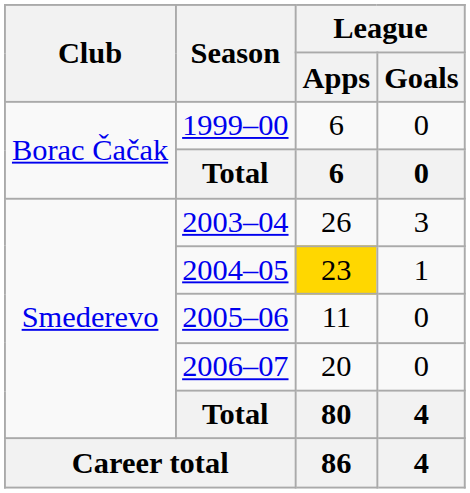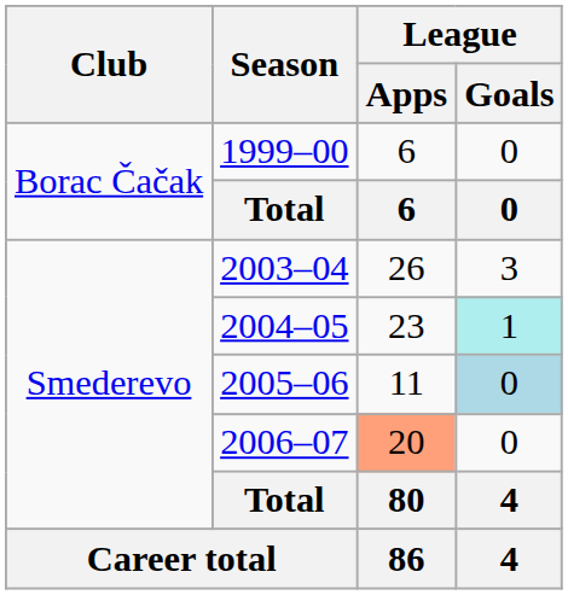 <table class="wikitable" style="text-align:center">
 <tr>
 <th rowspan="2">Club</th>
 <th rowspan="2">Season</th>
 <th colspan="2">League</th>
 </tr>
 <tr>
 <th>Apps</th>
 <th>Goals</th>
 </tr>
 <tr>
 <td rowspan="2"><a href='#'>Borac Čačak</a></td>
 <td><a href='#'>1999–00</a></td>
 <td>6</td>
 <td>0</td>
 </tr>
 <tr>
 <th>Total</th>
 <th>6</th>
 <th>0</th>
 </tr>
 <tr>
 <td rowspan="5"><a href='#'>Smederevo</a></td>
 <td><a href='#'>2003–04</a></td>
 <td>26</td>
 <td>3</td>
 </tr>
 <tr>
 <td><a href='#'>2004–05</a></td>
-<td style="background: gold;">23</td>
-<td>1</td>
+<td>23</td>
+<td style="background: paleturquoise;">1</td>
 </tr>
 <tr>
 <td><a href='#'>2005–06</a></td>
 <td>11</td>
-<td>0</td>
+<td style="background: lightblue;">0</td>
 </tr>
 <tr>
 <td><a href='#'>2006–07</a></td>
-<td>20</td>
+<td style="background: lightsalmon;">20</td>
 <td>0</td>
 </tr>
 <tr>
 <th>Total</th>
 <th>80</th>
 <th>4</th>
 </tr>
 <tr>
 <th colspan="2">Career total</th>
 <th>86</th>
 <th>4</th>
 </tr>
 </table>
